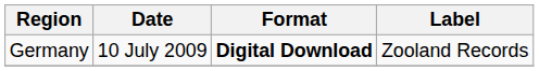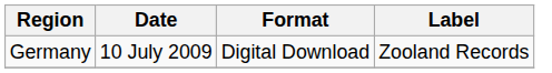 <table class=wikitable>
 <tr>
 <th>Region</th>
 <th>Date</th>
 <th>Format</th>
 <th>Label</th>
 </tr>
 <tr>
 <td>Germany</td>
 <td>10 July 2009</td>
-<td><strong>Digital Download</strong></td>
+<td>Digital Download</td>
 <td>Zooland Records</td>
 </tr>
 <tr>
 </tr>
 </table>
